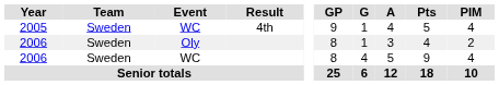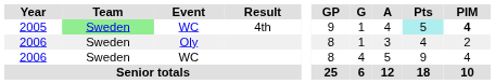 <table border="0" cellpadding="1" cellspacing="0" style="text-align:center; width:40em">
 <tr bgcolor="#e0e0e0">
 <th>Year</th>
 <th>Team</th>
 <th>Event</th>
 <th>Result</th>
 <th rowspan="99" bgcolor="#ffffff"> </th>
 <th>GP</th>
 <th>G</th>
 <th>A</th>
 <th>Pts</th>
 <th>PIM</th>
 </tr>
 <tr>
 <td><a href='#'>2005</a></td>
-<td><a href='#'>Sweden</a></td>
+<td style="background: lightgreen;"><a href='#'>Sweden</a></td>
 <td><a href='#'>WC</a></td>
 <td>4th</td>
 <td>9</td>
 <td>1</td>
 <td>4</td>
-<td>5</td>
-<td>4</td>
+<td style="background: paleturquoise;">5</td>
+<td><strong>4</strong></td>
 </tr>
 <tr bgcolor="#f0f0f0">
 <td><a href='#'>2006</a></td>
 <td>Sweden</td>
 <td><a href='#'>Oly</a></td>
 <td></td>
 <td>8</td>
 <td>1</td>
 <td>3</td>
 <td>4</td>
 <td>2</td>
 </tr>
 <tr>
 <td><a href='#'>2006</a></td>
 <td>Sweden</td>
 <td>WC</td>
 <td></td>
 <td>8</td>
 <td>4</td>
 <td>5</td>
 <td>9</td>
 <td>4</td>
 </tr>
 <tr bgcolor="#e0e0e0">
 <th colspan=4>Senior totals</th>
 <th>25</th>
 <th>6</th>
 <th>12</th>
 <th>18</th>
 <th>10</th>
 </tr>
 </table>
